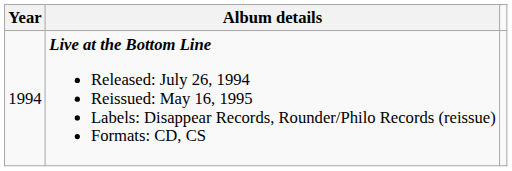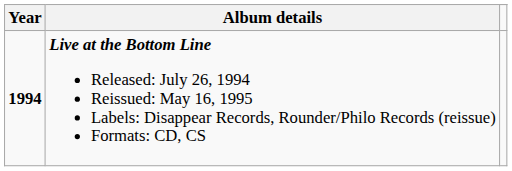 <table class="wikitable">
 <tr>
 <th rowspan="2">Year</th>
 <th rowspan="2">Album details</th>
 </tr>
 <tr>
 <td></td>
 </tr>
 <tr>
-<td>1994</td>
+<td><strong>1994</strong></td>
 <td align="left"><strong><em>Live at the Bottom Line</em></strong><br><ul><li>Released: July 26, 1994</li><li>Reissued: May 16, 1995</li><li>Labels: Disappear Records, Rounder/Philo Records (reissue)</li><li>Formats: CD, CS</li></ul></td>
 </tr>
 </table>
